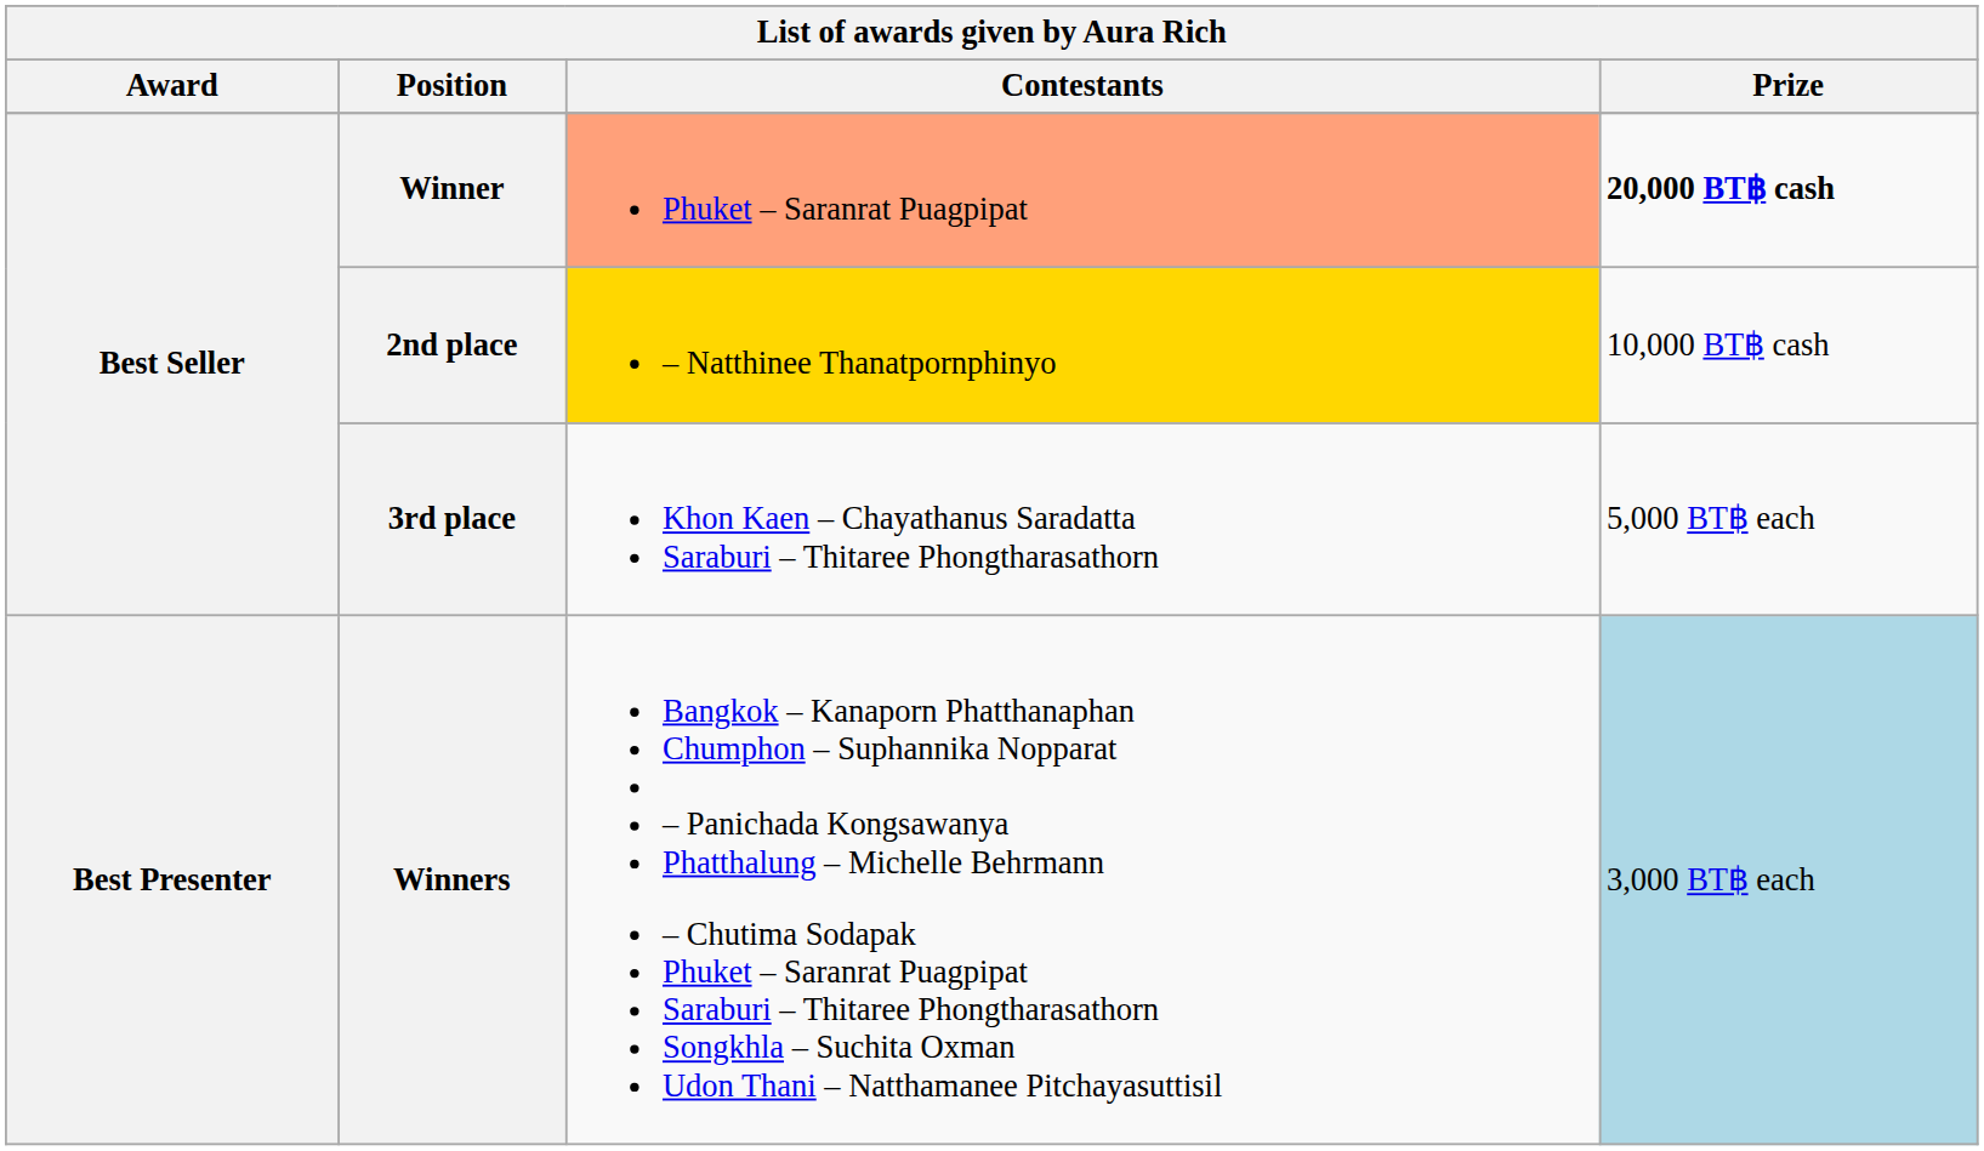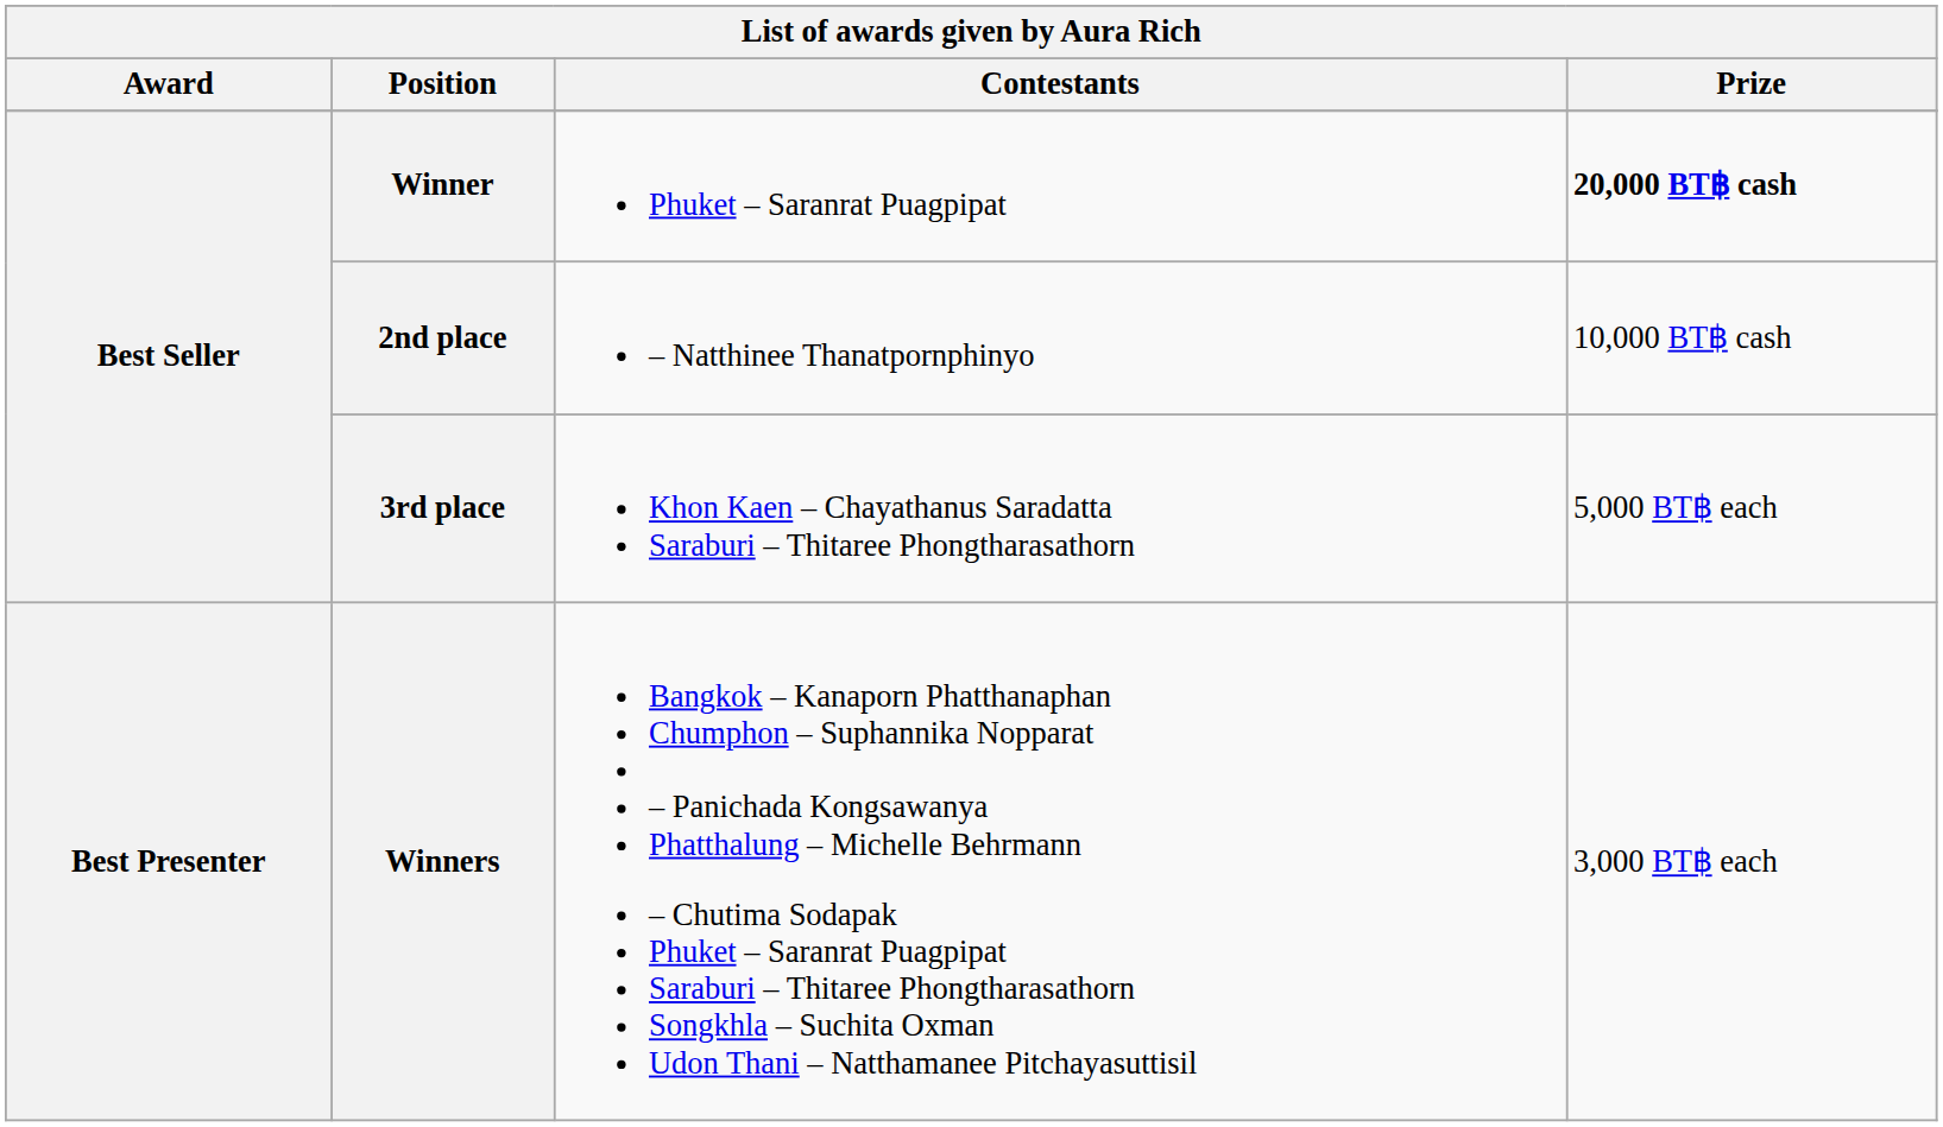 <table role="presentation" class="wikitable mw-collapsible mw-collapsed" style="font-size: 90%; width: 100%">
 <tr>
 <th colspan=4>List of awards given by Aura Rich</th>
 </tr>
 <tr>
 <th>Award</th>
 <th>Position</th>
 <th>Contestants</th>
 <th>Prize</th>
 </tr>
 <tr>
 </tr>
 <tr>
 <th rowspan=3>Best Seller</th>
 <th>Winner</th>
-<td style="background: lightsalmon;"><br><ul><li><a href='#'>Phuket</a> – Saranrat Puagpipat</li></ul></td>
+<td><br><ul><li><a href='#'>Phuket</a> – Saranrat Puagpipat</li></ul></td>
 <td><strong>20,000 <a href='#'>BT฿</a> cash</strong></td>
 </tr>
 <tr>
 <th>2nd place</th>
-<td style="background: gold;"><br><ul><li> – Natthinee Thanatpornphinyo</li></ul></td>
+<td><br><ul><li> – Natthinee Thanatpornphinyo</li></ul></td>
 <td>10,000 <a href='#'>BT฿</a> cash</td>
 </tr>
 <tr>
 <th>3rd place</th>
 <td><br><ul><li><a href='#'>Khon Kaen</a> – Chayathanus Saradatta</li><li><a href='#'>Saraburi</a> – Thitaree Phongtharasathorn</li></ul></td>
 <td>5,000 <a href='#'>BT฿</a> each</td>
 </tr>
 <tr>
 <th>Best Presenter</th>
 <th>Winners</th>
 <td><br><ul><li><a href='#'>Bangkok</a> – Kanaporn Phatthanaphan</li><li><a href='#'>Chumphon</a> – Suphannika Nopparat</li><li></li><li> – Panichada Kongsawanya</li><li><a href='#'>Phatthalung</a> – Michelle Behrmann</li></ul><ul><li> – Chutima Sodapak</li><li><a href='#'>Phuket</a> – Saranrat Puagpipat</li><li><a href='#'>Saraburi</a> – Thitaree Phongtharasathorn</li><li><a href='#'>Songkhla</a> – Suchita Oxman</li><li><a href='#'>Udon Thani</a> – Natthamanee Pitchayasuttisil</li></ul></td>
-<td style="background: lightblue;">3,000 <a href='#'>BT฿</a> each</td>
+<td>3,000 <a href='#'>BT฿</a> each</td>
 </tr>
 </table>
